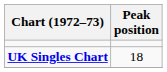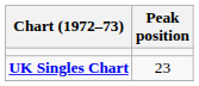 <table class="wikitable">
 <tr>
 <th>Chart (1972–73)</th>
 <th>Peak<br>position</th>
 </tr>
 <tr>
 <td></td>
 </tr>
 <tr>
 <td><strong><a href='#'>UK Singles Chart</a></strong></td>
-<td style="text-align:center;">18</td>
+<td style="text-align:center;">23</td>
 </tr>
 <tr>
 </tr>
 </table>
